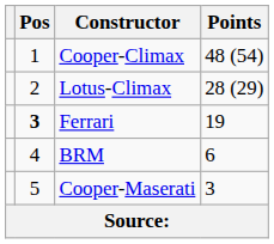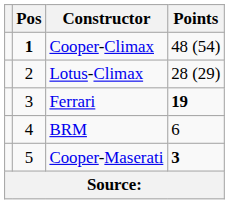 <table class="wikitable" style="font-size: 95%;">
 <tr>
 <th></th>
 <th>Pos</th>
 <th>Constructor</th>
 <th>Points</th>
 </tr>
 <tr>
 <td align="left"></td>
-<td align="center">1</td>
+<td align="center"><strong>1</strong></td>
 <td> <a href='#'>Cooper</a>-<a href='#'>Climax</a></td>
 <td align=left>48 (54)</td>
 </tr>
 <tr>
 <td align="left"></td>
 <td align="center">2</td>
 <td> <a href='#'>Lotus</a>-<a href='#'>Climax</a></td>
 <td align=left>28 (29)</td>
 </tr>
 <tr>
 <td align="left"></td>
-<td align="center"><strong>3</strong></td>
+<td align="center">3</td>
 <td> <a href='#'>Ferrari</a></td>
-<td align=left>19</td>
+<td align=left><strong>19</strong></td>
 </tr>
 <tr>
 <td align="left"></td>
 <td align="center">4</td>
 <td> <a href='#'>BRM</a></td>
 <td align=left>6</td>
 </tr>
 <tr>
 <td align="left"></td>
 <td align="center">5</td>
 <td> <a href='#'>Cooper</a>-<a href='#'>Maserati</a></td>
-<td align=left>3</td>
+<td align=left><strong>3</strong></td>
 </tr>
 <tr>
 <th colspan=4>Source: </th>
 </tr>
 </table>
